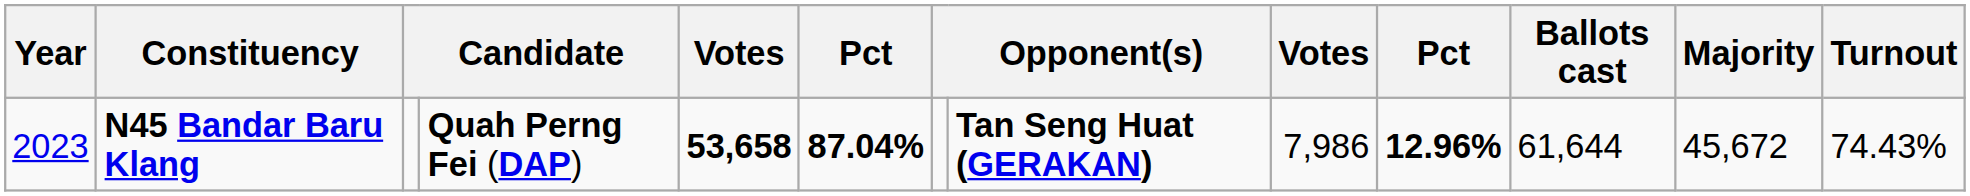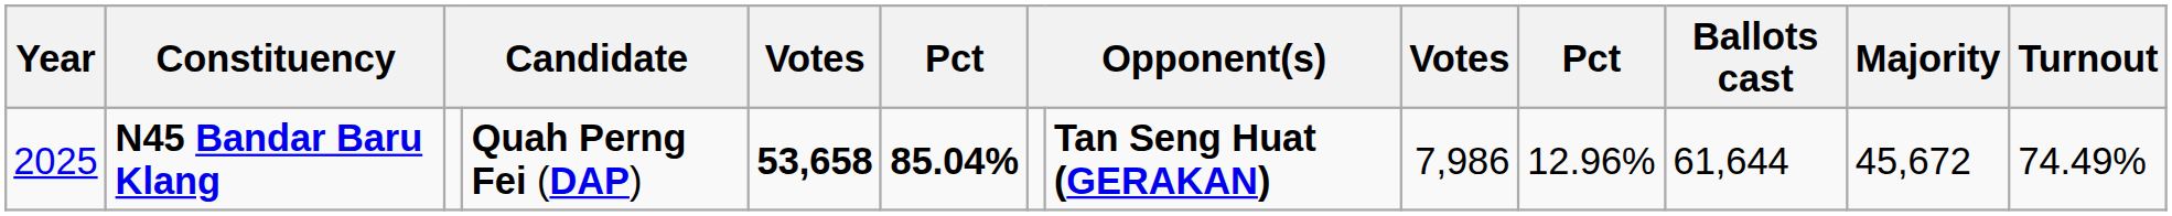 <table class="wikitable" style="margin:0.5em ; font-size:95%">
 <tr>
 <th>Year</th>
 <th>Constituency</th>
 <th colspan="2">Candidate</th>
 <th>Votes</th>
 <th>Pct</th>
 <th colspan="2">Opponent(s)</th>
 <th>Votes</th>
 <th>Pct</th>
 <th>Ballots cast</th>
 <th>Majority</th>
 <th>Turnout</th>
 </tr>
 <tr>
-<td><a href='#'>2023</a></td>
+<td><a href='#'>2025</a></td>
 <td><strong>N45 <a href='#'>Bandar Baru Klang</a></strong></td>
 <td></td>
 <td><strong>Quah Perng Fei</strong> (<a href='#'><strong>DAP</strong></a>)</td>
 <td align=right><strong>53,658</strong></td>
-<td><strong>87.04%</strong></td>
+<td><strong>85.04%</strong></td>
 <td></td>
 <td><strong>Tan Seng Huat (<a href='#'>GERAKAN</a>)</strong></td>
 <td align=right>7,986</td>
-<td><strong>12.96%</strong></td>
+<td>12.96%</td>
 <td>61,644</td>
 <td>45,672</td>
-<td>74.43%</td>
+<td>74.49%</td>
 </tr>
 </table>
